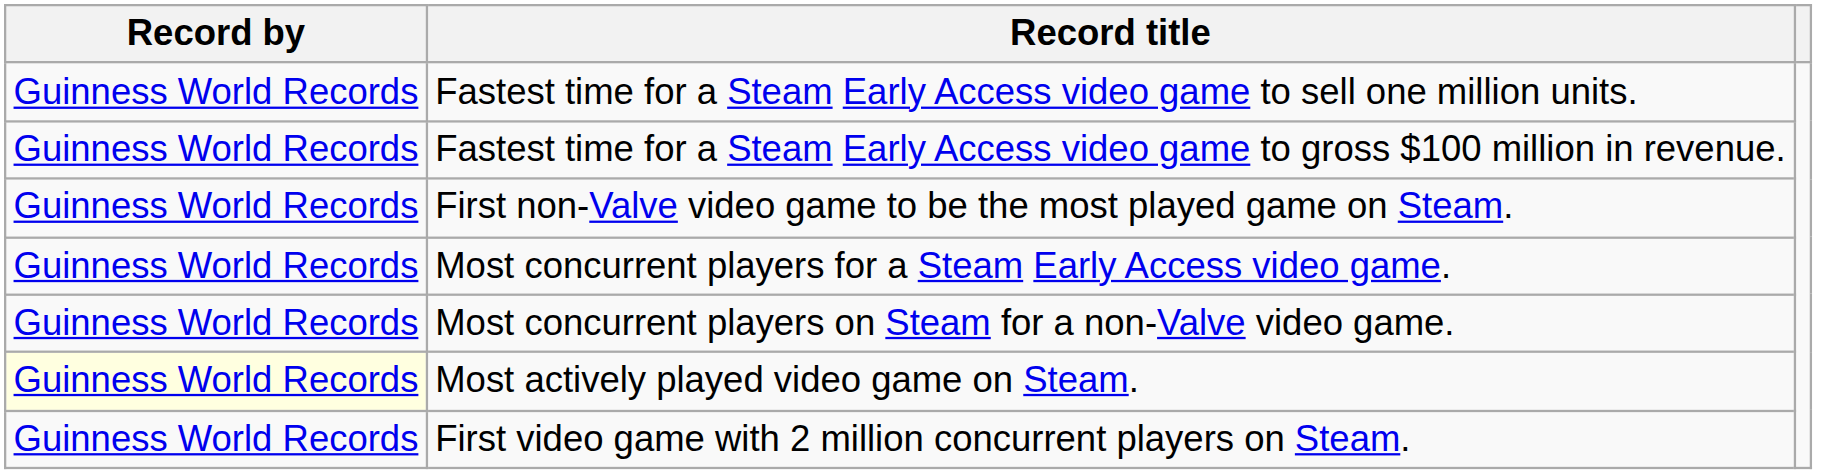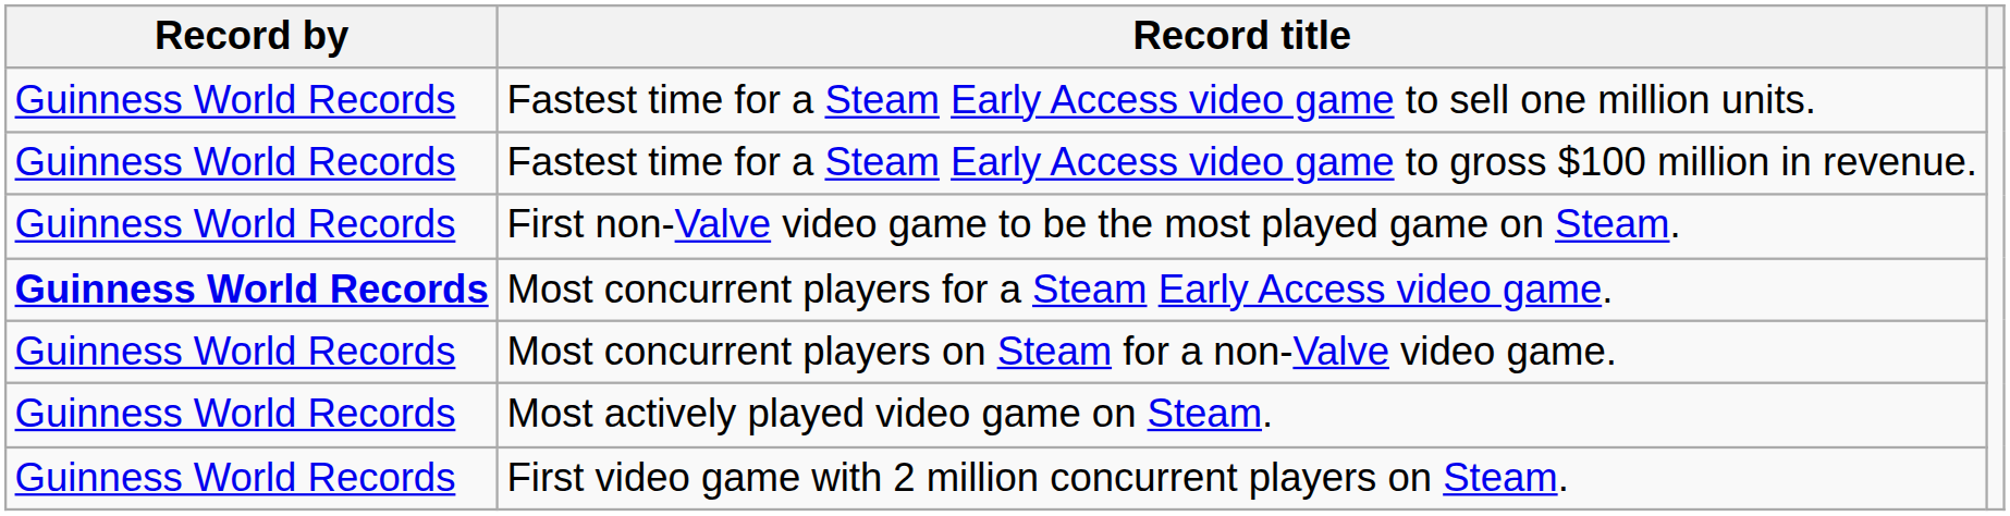 <table class="wikitable sortable">
 <tr>
 <th>Record by</th>
 <th>Record title</th>
 <th></th>
 </tr>
 <tr>
 <td><a href='#'>Guinness World Records</a></td>
 <td>Fastest time for a <a href='#'>Steam</a> <a href='#'>Early Access video game</a> to sell one million units.</td>
 <td rowspan="7" style="text-align:center"></td>
 </tr>
 <tr>
 <td><a href='#'>Guinness World Records</a></td>
 <td>Fastest time for a <a href='#'>Steam</a> <a href='#'>Early Access video game</a> to gross $100 million in revenue.</td>
 </tr>
 <tr>
 <td><a href='#'>Guinness World Records</a></td>
 <td>First non-<a href='#'>Valve</a> video game to be the most played game on <a href='#'>Steam</a>.</td>
 </tr>
 <tr>
-<td><a href='#'>Guinness World Records</a></td>
+<td><strong><a href='#'>Guinness World Records</a></strong></td>
 <td>Most concurrent players for a <a href='#'>Steam</a> <a href='#'>Early Access video game</a>.</td>
 </tr>
 <tr>
 <td><a href='#'>Guinness World Records</a></td>
 <td>Most concurrent players on <a href='#'>Steam</a> for a non-<a href='#'>Valve</a> video game.</td>
 </tr>
 <tr>
-<td style="background: lightyellow;"><a href='#'>Guinness World Records</a></td>
+<td><a href='#'>Guinness World Records</a></td>
 <td>Most actively played video game on <a href='#'>Steam</a>.</td>
 </tr>
 <tr>
 <td><a href='#'>Guinness World Records</a></td>
 <td>First video game with 2 million concurrent players on <a href='#'>Steam</a>.</td>
 </tr>
 </table>
